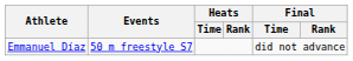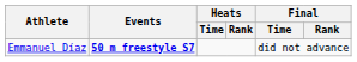 <table class=wikitable style="font-size:90%">
 <tr>
 <th rowspan=2>Athlete</th>
 <th rowspan=2>Events</th>
 <th colspan="2">Heats</th>
 <th colspan="2">Final</th>
 </tr>
 <tr>
 <th scope="col">Time</th>
 <th scope="col">Rank</th>
 <th scope="col">Time</th>
 <th scope="col">Rank</th>
 </tr>
 <tr align=center>
 <td align=left><a href='#'>Emmanuel Díaz</a></td>
-<td align=left><a href='#'>50 m freestyle S7</a></td>
+<td align=left><strong><a href='#'>50 m freestyle S7</a></strong></td>
 <td colspan=2></td>
 <td colspan=2>did not advance</td>
 </tr>
 </table>
